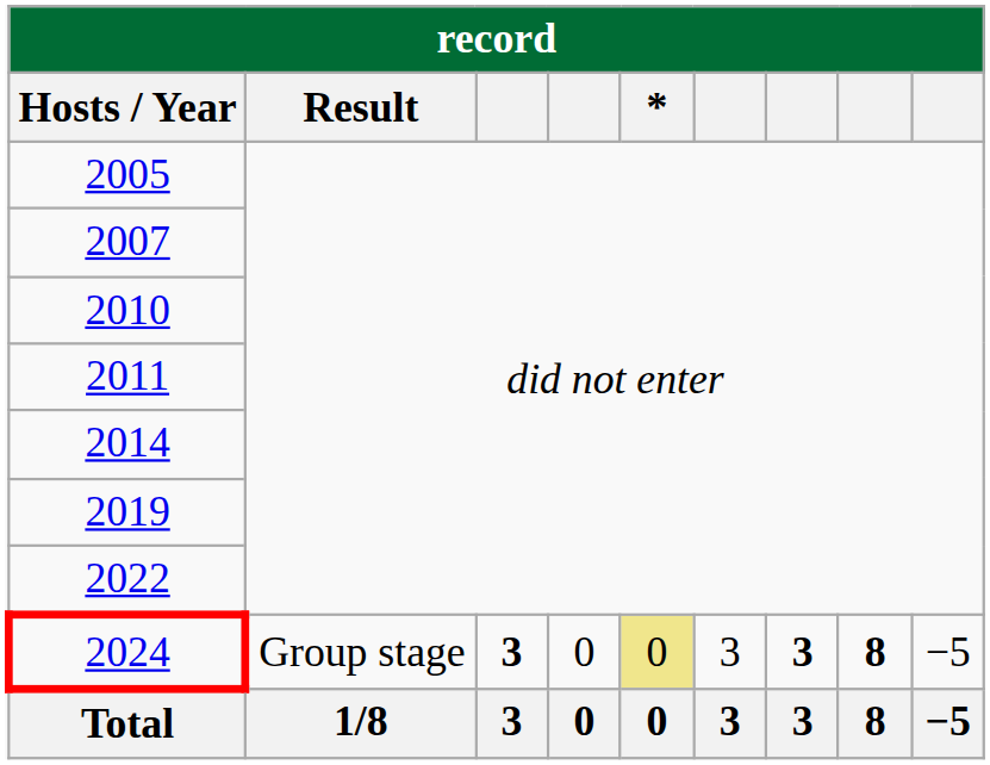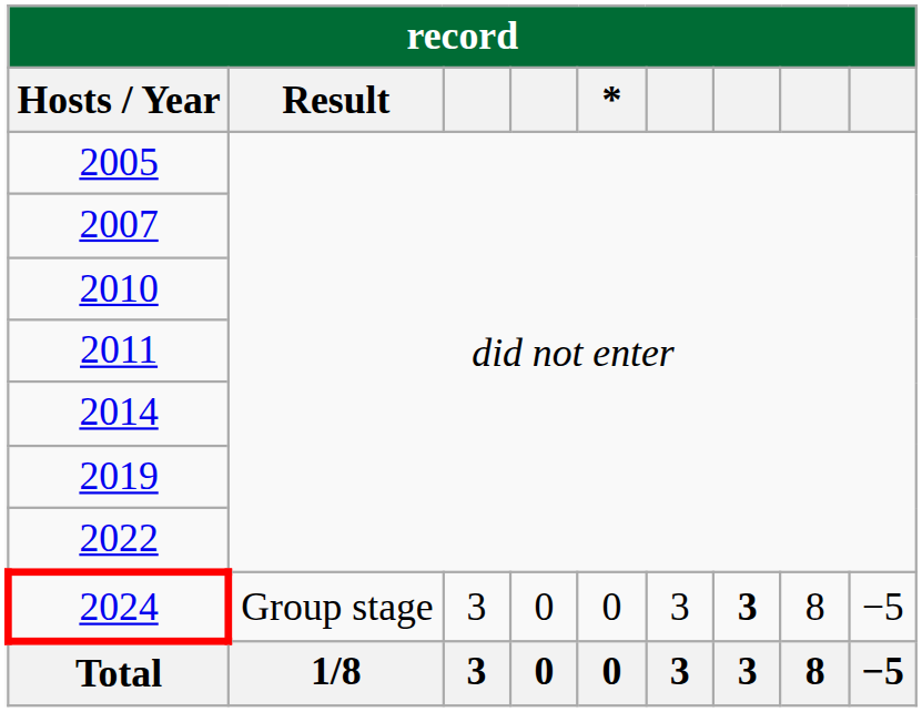 <table class="wikitable mw-collapsible" style="text-align: center;font-size:100%;">
 <tr>
 <th colspan="9" style="background: #006C35; color: white;"><a href='#'></a> record</th>
 </tr>
 <tr>
 <th>Hosts / Year</th>
 <th>Result</th>
 <th width="20"></th>
 <th width="20"></th>
 <th width="20">*</th>
 <th width="20"></th>
 <th width="20"></th>
 <th width="20"></th>
 <th width="20"></th>
 </tr>
 <tr>
 <td> <a href='#'>2005</a></td>
 <td colspan="8" rowspan="7"><em>did not enter</em></td>
 </tr>
 <tr>
 <td> <a href='#'>2007</a></td>
 </tr>
 <tr>
 <td> <a href='#'>2010</a></td>
 </tr>
 <tr>
 <td> <a href='#'>2011</a></td>
 </tr>
 <tr>
 <td> <a href='#'>2014</a></td>
 </tr>
 <tr>
 <td> <a href='#'>2019</a></td>
 </tr>
 <tr>
 <td> <a href='#'>2022</a></td>
 </tr>
 <tr>
 <td style="border: 3px solid red"> <a href='#'>2024</a></td>
 <td>Group stage</td>
-<td><strong>3</strong></td>
+<td>3</td>
 <td>0</td>
-<td style="background: khaki;">0</td>
+<td>0</td>
 <td>3</td>
 <td><strong>3</strong></td>
-<td><strong>8</strong></td>
+<td>8</td>
 <td>−5</td>
 </tr>
 <tr>
 <th>Total</th>
 <th>1/8</th>
 <th>3</th>
 <th>0</th>
 <th>0</th>
 <th>3</th>
 <th>3</th>
 <th>8</th>
 <th>−5</th>
 </tr>
 </table>
